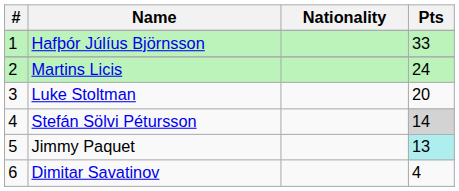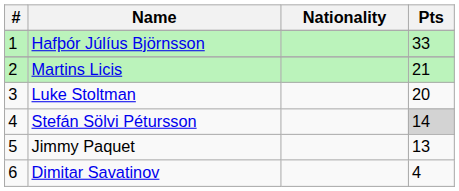 <table class="wikitable" style="display: inline-table; width: 50%;">
 <tr>
 <th>#</th>
 <th>Name</th>
 <th>Nationality</th>
 <th>Pts</th>
 </tr>
 <tr>
 </tr>
 <tr bgcolor=bbf3bb>
 <td>1</td>
 <td><a href='#'>Hafþór Júlíus Björnsson</a></td>
 <td></td>
 <td>33</td>
 </tr>
 <tr>
 </tr>
 <tr bgcolor=bbf3bb>
 <td>2</td>
 <td><a href='#'>Martins Licis</a></td>
 <td></td>
-<td>24</td>
+<td>21</td>
 </tr>
 <tr>
 <td>3</td>
 <td><a href='#'>Luke Stoltman</a></td>
 <td></td>
 <td>20</td>
 </tr>
 <tr>
 <td>4</td>
 <td><a href='#'>Stefán Sölvi Pétursson</a></td>
 <td></td>
 <td style="background: lightgrey;">14</td>
 </tr>
 <tr>
 <td>5</td>
 <td>Jimmy Paquet</td>
 <td></td>
-<td style="background: paleturquoise;">13</td>
+<td>13</td>
 </tr>
 <tr>
 <td>6</td>
 <td><a href='#'>Dimitar Savatinov</a></td>
 <td></td>
 <td>4</td>
 </tr>
 </table>
